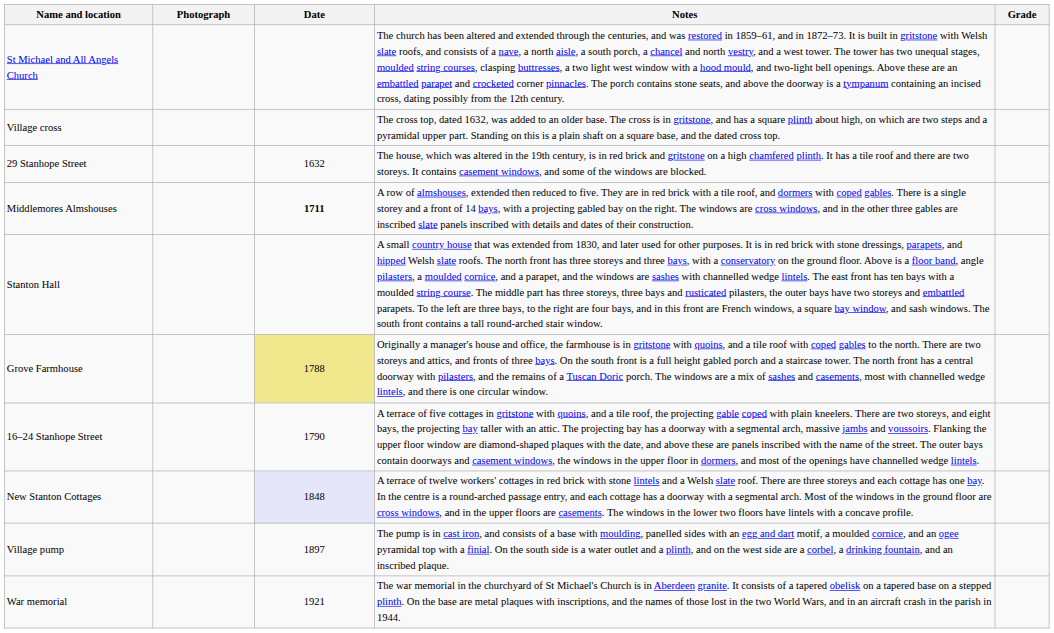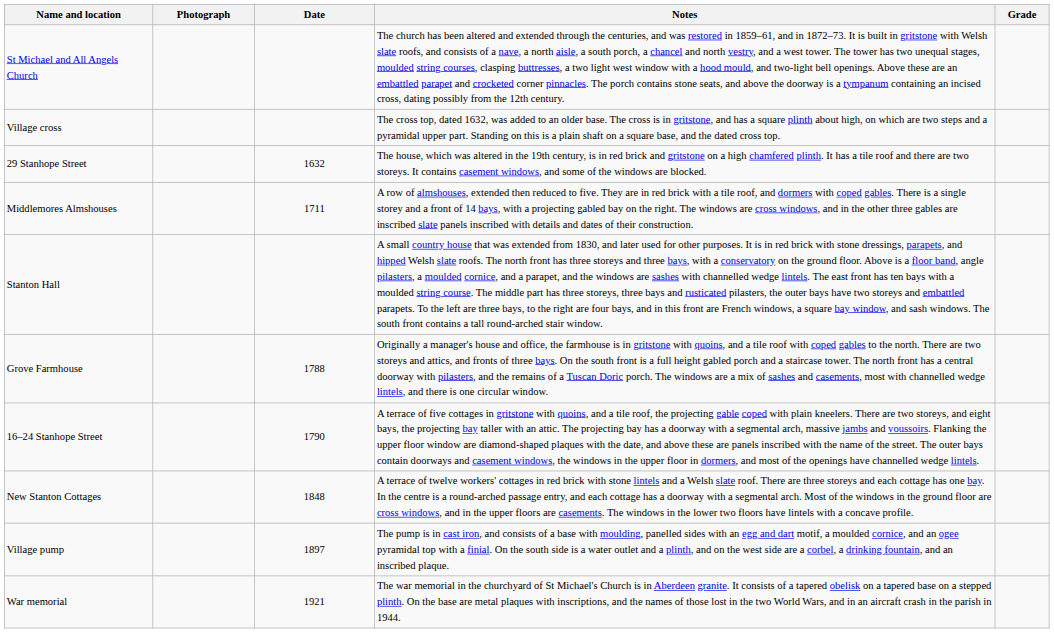 <table class="wikitable sortable plainrowheaders" style="width:100%; border:0; text-align:left; line-height:150%;">
 <tr>
 <th scope="col"  style="width:150px">Name and location</th>
 <th scope="col"  style="width:100px" class="unsortable">Photograph</th>
 <th scope="col"  style="width:120px">Date</th>
 <th scope="col"  style="width:650px" class="unsortable">Notes</th>
 <th scope="col"  style="width:50px">Grade</th>
 </tr>
 <tr>
 <td><a href='#'>St Michael and All Angels Church</a><br><small></small></td>
 <td></td>
 <td align="center"></td>
 <td>The church has been altered and extended through the centuries, and was <a href='#'>restored</a> in 1859–61, and in 1872–73.  It is built in <a href='#'>gritstone</a> with Welsh <a href='#'>slate</a> roofs, and consists of a <a href='#'>nave</a>, a north <a href='#'>aisle</a>, a south porch, a <a href='#'>chancel</a> and north <a href='#'>vestry</a>, and a west tower.  The tower has two unequal stages, <a href='#'>moulded</a> <a href='#'>string courses</a>, clasping <a href='#'>buttresses</a>, a two light west window with a <a href='#'>hood mould</a>, and two-light bell openings.  Above these are an <a href='#'>embattled</a> <a href='#'>parapet</a> and <a href='#'>crocketed</a> corner <a href='#'>pinnacles</a>.  The porch contains stone seats, and above the doorway is a <a href='#'>tympanum</a> containing an incised cross, dating possibly from the 12th century.</td>
 <td align="center" ></td>
 </tr>
 <tr>
 <td>Village cross<br><small></small></td>
 <td></td>
 <td align="center"></td>
 <td>The cross top, dated 1632, was added to an older base.  The cross is in <a href='#'>gritstone</a>, and has a square <a href='#'>plinth</a> about  high, on which are two steps and a pyramidal upper part.  Standing on this is a plain shaft on a square base, and the dated cross top.</td>
 <td align="center" ></td>
 </tr>
 <tr>
 <td>29 Stanhope Street<br><small></small></td>
 <td></td>
 <td align="center">1632</td>
 <td>The house, which was altered in the 19th century, is in red brick and <a href='#'>gritstone</a> on a high <a href='#'>chamfered</a> <a href='#'>plinth</a>.  It has a tile roof and there are two storeys.  It contains <a href='#'>casement windows</a>, and some of the windows are blocked.</td>
 <td align="center" ></td>
 </tr>
 <tr>
 <td>Middlemores Almshouses<br><small></small></td>
 <td></td>
-<td align="center"><strong>1711</strong></td>
+<td align="center">1711</td>
 <td>A row of <a href='#'>almshouses</a>, extended then reduced to five.  They are in red brick with a tile roof, and <a href='#'>dormers</a> with <a href='#'>coped</a> <a href='#'>gables</a>.  There is a single storey and a front of 14 <a href='#'>bays</a>, with a projecting gabled bay on the right.  The windows are <a href='#'>cross windows</a>, and in the other three gables are inscribed <a href='#'>slate</a> panels inscribed with details and dates of their construction.</td>
 <td align="center" ></td>
 </tr>
 <tr>
 <td>Stanton Hall<br><small></small></td>
 <td></td>
 <td align="center"></td>
 <td>A small <a href='#'>country house</a> that was extended from 1830, and later used for other purposes.  It is in red brick with stone dressings, <a href='#'>parapets</a>, and <a href='#'>hipped</a> Welsh <a href='#'>slate</a> roofs.  The north front has three storeys and three <a href='#'>bays</a>, with a <a href='#'>conservatory</a> on the ground floor.  Above is a <a href='#'>floor band</a>, angle <a href='#'>pilasters</a>, a <a href='#'>moulded</a> <a href='#'>cornice</a>, and a parapet, and the windows are <a href='#'>sashes</a> with channelled wedge <a href='#'>lintels</a>.  The east front has ten bays with a moulded <a href='#'>string course</a>.  The middle part has three storeys, three bays and <a href='#'>rusticated</a> pilasters, the outer bays have two storeys and <a href='#'>embattled</a> parapets.  To the left are three bays, to the right are four bays, and in this front are French windows, a square <a href='#'>bay window</a>, and sash windows.  The south front contains a tall round-arched stair window.</td>
 <td align="center" ></td>
 </tr>
 <tr>
 <td>Grove Farmhouse<br><small></small></td>
 <td></td>
-<td align="center" style="background: khaki;">1788</td>
+<td align="center">1788</td>
 <td>Originally a manager's house and office, the farmhouse is in <a href='#'>gritstone</a> with <a href='#'>quoins</a>, and a tile roof with <a href='#'>coped</a> <a href='#'>gables</a> to the north.  There are two storeys and attics, and fronts of three <a href='#'>bays</a>.  On the south front is a full height gabled porch and a staircase tower.  The north front has a central doorway with <a href='#'>pilasters</a>, and the remains of a <a href='#'>Tuscan Doric</a> porch.  The windows are a mix of <a href='#'>sashes</a> and <a href='#'>casements</a>, most with channelled wedge <a href='#'>lintels</a>, and there is one circular window.</td>
 <td align="center" ></td>
 </tr>
 <tr>
 <td>16–24 Stanhope Street<br><small></small></td>
 <td></td>
 <td align="center">1790</td>
 <td>A terrace of five cottages in <a href='#'>gritstone</a> with <a href='#'>quoins</a>, and a tile roof, the projecting <a href='#'>gable</a> <a href='#'>coped</a> with plain kneelers.  There are two storeys, and eight bays, the projecting <a href='#'>bay</a> taller with an attic.  The projecting bay has a doorway with a segmental arch, massive <a href='#'>jambs</a> and <a href='#'>voussoirs</a>.  Flanking the upper floor window are diamond-shaped plaques with the date, and above these are panels inscribed with the name of the street.  The outer bays contain doorways and <a href='#'>casement windows</a>, the windows in the upper floor in <a href='#'>dormers</a>, and most of the openings have channelled wedge <a href='#'>lintels</a>.</td>
 <td align="center" ></td>
 </tr>
 <tr>
 <td>New Stanton Cottages<br><small></small></td>
 <td></td>
-<td align="center" style="background: lavender;">1848</td>
+<td align="center">1848</td>
 <td>A terrace of twelve workers' cottages in red brick with stone <a href='#'>lintels</a> and a Welsh <a href='#'>slate</a> roof.  There are three storeys and each cottage has one <a href='#'>bay</a>.  In the centre is a round-arched passage entry, and each cottage has a doorway with a segmental arch.  Most of the windows in the ground floor are <a href='#'>cross windows</a>, and in the upper floors are <a href='#'>casements</a>.  The windows in the lower two floors have lintels with a concave profile.</td>
 <td align="center" ></td>
 </tr>
 <tr>
 <td>Village pump<br><small></small></td>
 <td></td>
 <td align="center">1897</td>
 <td>The pump is in <a href='#'>cast iron</a>, and consists of a base with <a href='#'>moulding</a>, panelled sides with an <a href='#'>egg and dart</a> motif, a moulded <a href='#'>cornice</a>, and an <a href='#'>ogee</a> pyramidal top with a <a href='#'>finial</a>.  On the south side is a water outlet and a <a href='#'>plinth</a>, and on the west side are a <a href='#'>corbel</a>, a <a href='#'>drinking fountain</a>, and an inscribed plaque.</td>
 <td align="center" ></td>
 </tr>
 <tr>
 <td>War memorial<br><small></small></td>
 <td></td>
 <td align="center">1921</td>
 <td>The war memorial in the churchyard of St Michael's Church is in <a href='#'>Aberdeen</a> <a href='#'>granite</a>.  It consists of a tapered <a href='#'>obelisk</a> on a tapered base on a stepped <a href='#'>plinth</a>.  On the base are metal plaques with inscriptions, and the names of those lost in the two World Wars, and in an aircraft crash in the parish in 1944.</td>
 <td align="center" ></td>
 </tr>
 <tr>
 </tr>
 </table>
